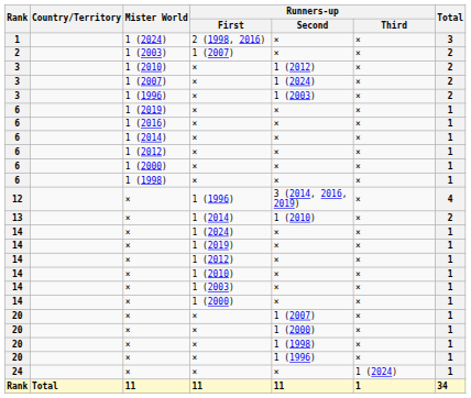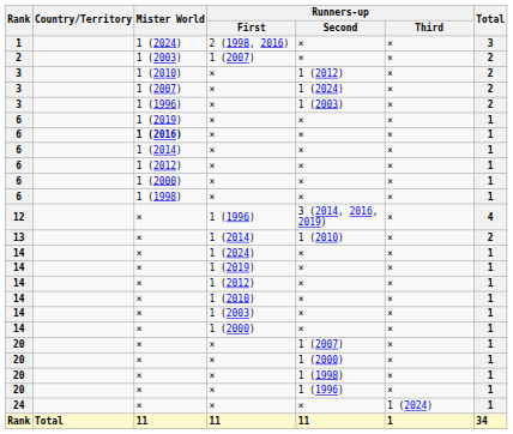 <table class="wikitable" style="font-size: 95%;">
 <tr>
 <th rowspan="2">Rank</th>
 <th rowspan="2">Country/Territory</th>
 <th rowspan="2">Mister World</th>
 <th colspan="3">Runners-up</th>
 <th rowspan="2">Total</th>
 </tr>
 <tr>
 <th width="110" ;>First</th>
 <th width="110" ;>Second</th>
 <th width="110" ;>Third</th>
 </tr>
 <tr>
 <th>1</th>
 <td><strong></strong></td>
 <td>1 (<a href='#'>2024</a>)</td>
 <td>2 (<a href='#'>1998</a>, <a href='#'>2016</a>)</td>
 <td>×</td>
 <td>×</td>
 <th>3</th>
 </tr>
 <tr>
 <th>2</th>
 <td><strong></strong></td>
 <td>1 (<a href='#'>2003</a>)</td>
 <td>1 (<a href='#'>2007</a>)</td>
 <td>×</td>
 <td>×</td>
 <th>2</th>
 </tr>
 <tr>
 <th>3</th>
 <td><strong></strong></td>
 <td>1 (<a href='#'>2010</a>)</td>
 <td>×</td>
 <td>1 (<a href='#'>2012</a>)</td>
 <td>×</td>
 <th>2</th>
 </tr>
 <tr>
 <th>3</th>
 <td><strong></strong></td>
 <td>1 (<a href='#'>2007</a>)</td>
 <td>×</td>
 <td>1 (<a href='#'>2024</a>)</td>
 <td>×</td>
 <th>2</th>
 </tr>
 <tr>
 <th>3</th>
 <td><strong></strong></td>
 <td>1 (<a href='#'>1996</a>)</td>
 <td>×</td>
 <td>1 (<a href='#'>2003</a>)</td>
 <td>×</td>
 <th>2</th>
 </tr>
 <tr>
 <th>6</th>
 <td><strong></strong></td>
 <td>1 (<a href='#'>2019</a>)</td>
 <td>×</td>
 <td>×</td>
 <td>×</td>
 <th>1</th>
 </tr>
 <tr>
 <th>6</th>
 <td><strong></strong></td>
-<td>1 (<a href='#'>2016</a>)</td>
+<td><strong>1 (<a href='#'>2016</a>)</strong></td>
 <td>×</td>
 <td>×</td>
 <td>×</td>
 <th>1</th>
 </tr>
 <tr>
 <th>6</th>
 <td><strong></strong></td>
 <td>1 (<a href='#'>2014</a>)</td>
 <td>×</td>
 <td>×</td>
 <td>×</td>
 <th>1</th>
 </tr>
 <tr>
 <th>6</th>
 <td><strong></strong></td>
 <td>1 (<a href='#'>2012</a>)</td>
 <td>×</td>
 <td>×</td>
 <td>×</td>
 <th>1</th>
 </tr>
 <tr>
 <th>6</th>
 <td><strong></strong></td>
 <td>1 (<a href='#'>2000</a>)</td>
 <td>×</td>
 <td>×</td>
 <td>×</td>
 <th>1</th>
 </tr>
 <tr>
 <th>6</th>
 <td><strong></strong></td>
 <td>1 (<a href='#'>1998</a>)</td>
 <td>×</td>
 <td>×</td>
 <td>×</td>
 <th>1</th>
 </tr>
 <tr>
 <th>12</th>
 <td><strong></strong></td>
 <td>×</td>
 <td>1 (<a href='#'>1996</a>)</td>
 <td>3 (<a href='#'>2014</a>, <a href='#'>2016</a>, <a href='#'>2019</a>)</td>
 <td>×</td>
 <th>4</th>
 </tr>
 <tr>
 <th>13</th>
 <td><strong></strong></td>
 <td>×</td>
 <td>1 (<a href='#'>2014</a>)</td>
 <td>1 (<a href='#'>2010</a>)</td>
 <td>×</td>
 <th>2</th>
 </tr>
 <tr>
 <th>14</th>
 <td><strong></strong></td>
 <td>×</td>
 <td>1 (<a href='#'>2024</a>)</td>
 <td>×</td>
 <td>×</td>
 <th>1</th>
 </tr>
 <tr>
 <th>14</th>
 <td><strong></strong></td>
 <td>×</td>
 <td>1 (<a href='#'>2019</a>)</td>
 <td>×</td>
 <td>×</td>
 <th>1</th>
 </tr>
 <tr>
 <th>14</th>
 <td><strong></strong></td>
 <td>×</td>
 <td>1 (<a href='#'>2012</a>)</td>
 <td>×</td>
 <td>×</td>
 <th>1</th>
 </tr>
 <tr>
 <th>14</th>
 <td><strong></strong></td>
 <td>×</td>
 <td>1 (<a href='#'>2010</a>)</td>
 <td>×</td>
 <td>×</td>
 <th>1</th>
 </tr>
 <tr>
 <th>14</th>
 <td><strong></strong></td>
 <td>×</td>
 <td>1 (<a href='#'>2003</a>)</td>
 <td>×</td>
 <td>×</td>
 <th>1</th>
 </tr>
 <tr>
 <th>14</th>
 <td><strong></strong></td>
 <td>×</td>
 <td>1 (<a href='#'>2000</a>)</td>
 <td>×</td>
 <td>×</td>
 <th>1</th>
 </tr>
 <tr>
 <th>20</th>
 <td><strong></strong></td>
 <td>×</td>
 <td>×</td>
 <td>1 (<a href='#'>2007</a>)</td>
 <td>×</td>
 <th>1</th>
 </tr>
 <tr>
 <th>20</th>
 <td><strong></strong></td>
 <td>×</td>
 <td>×</td>
 <td>1 (<a href='#'>2000</a>)</td>
 <td>×</td>
 <th>1</th>
 </tr>
 <tr>
 <th>20</th>
 <td><strong></strong></td>
 <td>×</td>
 <td>×</td>
 <td>1 (<a href='#'>1998</a>)</td>
 <td>×</td>
 <th>1</th>
 </tr>
 <tr>
 <th>20</th>
 <td><strong></strong></td>
 <td>×</td>
 <td>×</td>
 <td>1 (<a href='#'>1996</a>)</td>
 <td>×</td>
 <th>1</th>
 </tr>
 <tr>
 <th>24</th>
 <td><strong></strong></td>
 <td>×</td>
 <td>×</td>
 <td>×</td>
 <td>1 (<a href='#'>2024</a>)</td>
 <th>1</th>
 </tr>
 <tr style="background: #FFFACD;">
 <td><strong>Rank</strong></td>
 <td><strong>Total</strong></td>
 <td><strong>11</strong></td>
 <td><strong>11</strong></td>
 <td><strong>11</strong></td>
 <td><strong>1</strong></td>
 <td><strong>34</strong></td>
 </tr>
 </table>
